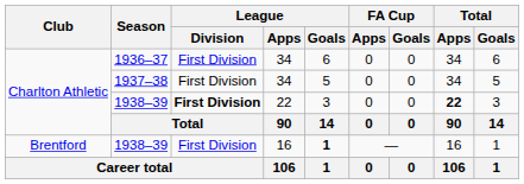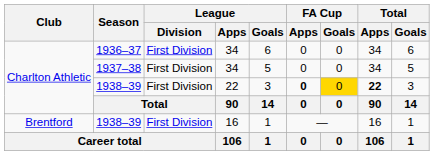 <table class="wikitable" style="text-align: center;">
 <tr>
 <th rowspan="2">Club</th>
 <th rowspan="2">Season</th>
 <th colspan="3">League</th>
 <th colspan="2">FA Cup</th>
 <th colspan="2">Total</th>
 </tr>
 <tr>
 <th>Division</th>
 <th>Apps</th>
 <th>Goals</th>
 <th>Apps</th>
 <th>Goals</th>
 <th>Apps</th>
 <th>Goals</th>
 </tr>
 <tr>
 <td rowspan="4"><a href='#'>Charlton Athletic</a></td>
 <td><a href='#'>1936–37</a></td>
 <td><a href='#'>First Division</a></td>
 <td>34</td>
 <td>6</td>
 <td>0</td>
 <td>0</td>
 <td>34</td>
 <td>6</td>
 </tr>
 <tr>
 <td><a href='#'>1937–38</a></td>
 <td>First Division</td>
 <td>34</td>
 <td>5</td>
 <td>0</td>
 <td>0</td>
 <td>34</td>
 <td>5</td>
 </tr>
 <tr>
 <td><a href='#'>1938–39</a></td>
-<td><strong>First Division</strong></td>
+<td>First Division</td>
 <td>22</td>
 <td>3</td>
-<td>0</td>
-<td>0</td>
+<td><strong>0</strong></td>
+<td style="background: gold;">0</td>
 <td><strong>22</strong></td>
 <td>3</td>
 </tr>
 <tr>
 <th colspan="2">Total</th>
 <th>90</th>
 <th>14</th>
 <th>0</th>
 <th>0</th>
 <th>90</th>
 <th>14</th>
 </tr>
 <tr>
 <td><a href='#'>Brentford</a></td>
 <td><a href='#'>1938–39</a></td>
 <td><a href='#'>First Division</a></td>
 <td>16</td>
-<td><strong>1</strong></td>
+<td>1</td>
 <td colspan="2">—</td>
 <td>16</td>
 <td>1</td>
 </tr>
 <tr>
 <th colspan="3">Career total</th>
 <th>106</th>
 <th>1</th>
 <th>0</th>
 <th>0</th>
 <th>106</th>
 <th>1</th>
 </tr>
 </table>
